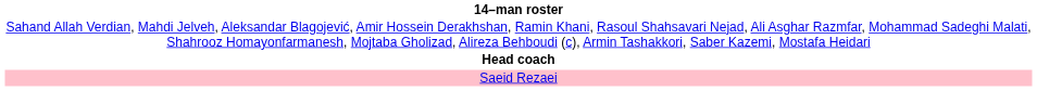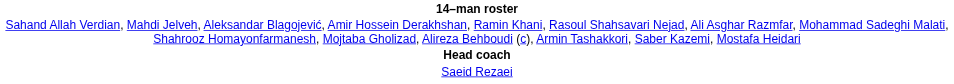 <table style="text-align:center; margin-top:2em; margin-left:auto; margin-right:auto">
 <tr>
 <td><strong>14–man roster</strong></td>
 </tr>
 <tr>
 <td><a href='#'>Sahand Allah Verdian</a>, <a href='#'>Mahdi Jelveh</a>, <a href='#'>Aleksandar Blagojević</a>, <a href='#'>Amir Hossein Derakhshan</a>, <a href='#'>Ramin Khani</a>, <a href='#'>Rasoul Shahsavari Nejad</a>, <a href='#'>Ali Asghar Razmfar</a>, <a href='#'>Mohammad Sadeghi Malati</a>, <a href='#'>Shahrooz Homayonfarmanesh</a>, <a href='#'>Mojtaba Gholizad</a>, <a href='#'>Alireza Behboudi</a> (<a href='#'>c</a>), <a href='#'>Armin Tashakkori</a>, <a href='#'>Saber Kazemi</a>, <a href='#'>Mostafa Heidari</a></td>
 </tr>
 <tr>
 <td><strong>Head coach</strong></td>
 </tr>
 <tr>
-<td style="background: pink;"><a href='#'>Saeid Rezaei</a></td>
+<td><a href='#'>Saeid Rezaei</a></td>
 </tr>
 </table>
